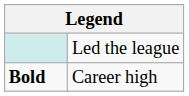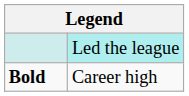 <table class="wikitable">
 <tr>
 <th colspan="2">Legend</th>
 </tr>
 <tr>
 <td style="background:#cfecec; width:3em;"></td>
-<td>Led the league</td>
+<td style="background: paleturquoise;">Led the league</td>
 </tr>
 <tr>
 <td><strong>Bold</strong></td>
 <td>Career high</td>
 </tr>
 </table>
